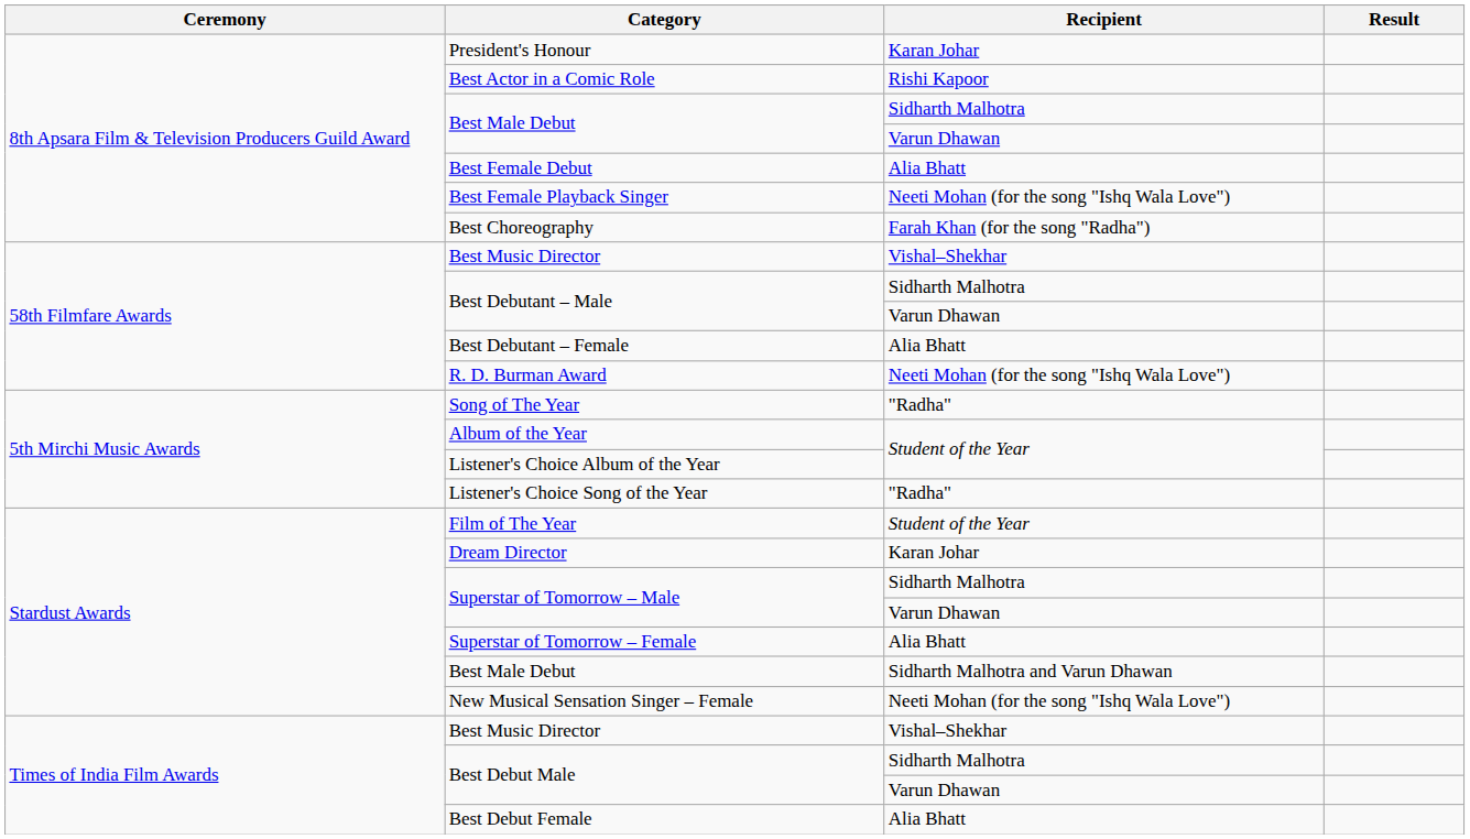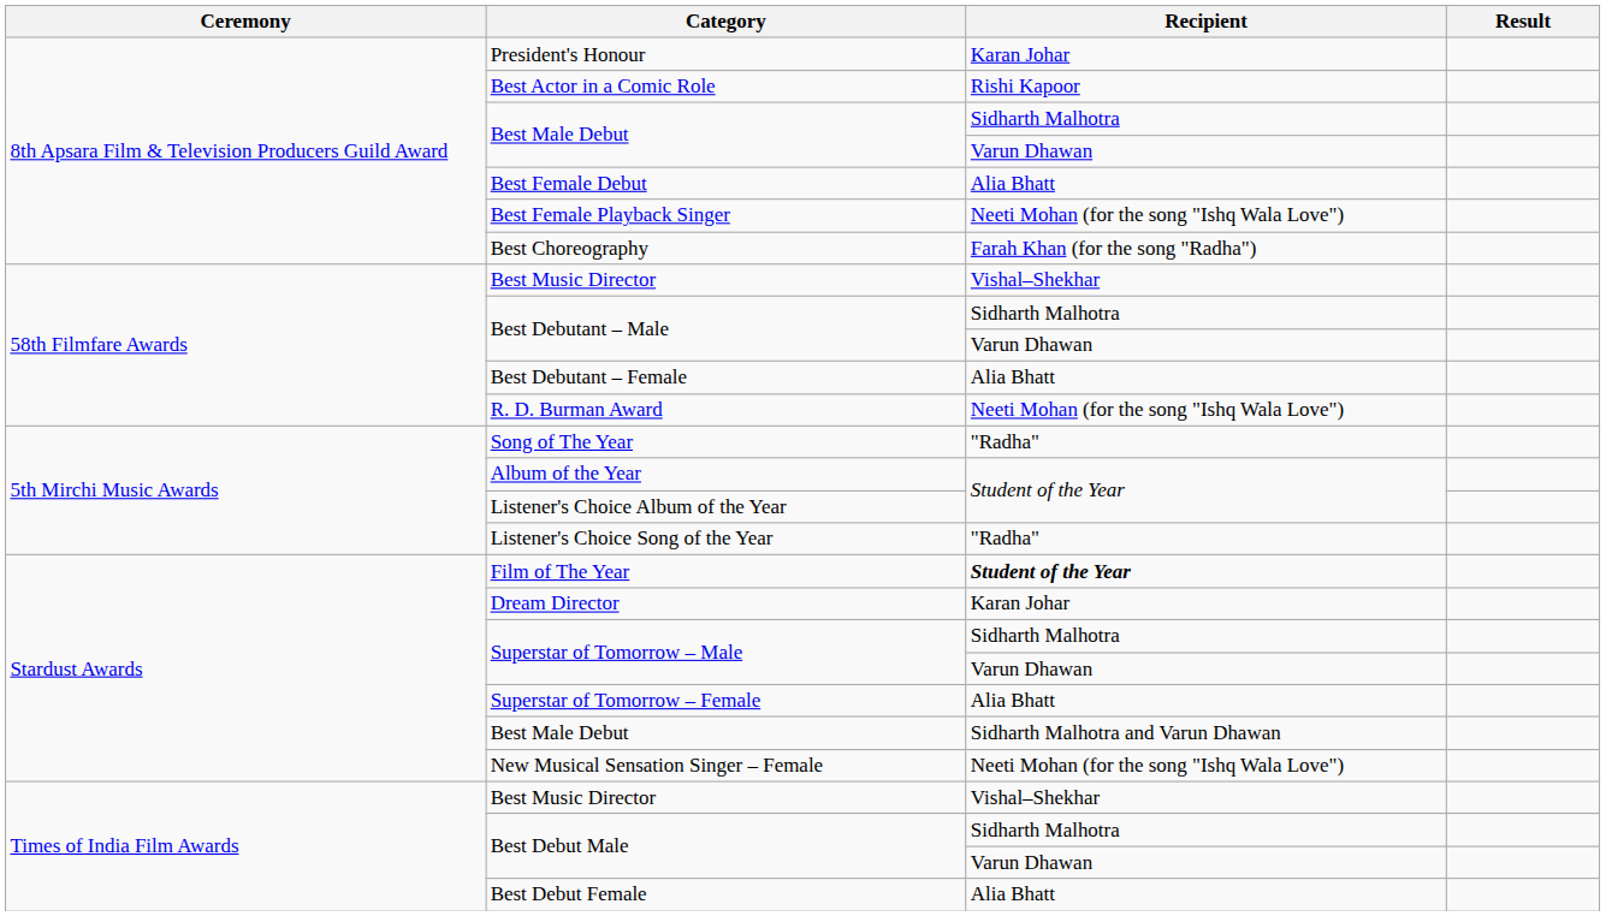 <table class="wikitable " style="width:99%;"  >
 <tr>
 <th style="width:25%;" scope="col">Ceremony</th>
 <th style="width:25%;" scope="col">Category</th>
 <th style="width:25%;" scope="col">Recipient</th>
 <th style="width:8%;" scope="col">Result</th>
 </tr>
 <tr>
 <td rowspan="7"><a href='#'>8th Apsara Film & Television Producers Guild Award</a></td>
 <td>President's Honour</td>
 <td><a href='#'>Karan Johar</a></td>
 <td></td>
 </tr>
 <tr>
 <td><a href='#'>Best Actor in a Comic Role</a></td>
 <td><a href='#'>Rishi Kapoor</a></td>
 <td></td>
 </tr>
 <tr>
 <td rowspan="2"><a href='#'>Best Male Debut</a></td>
 <td><a href='#'>Sidharth Malhotra</a></td>
 <td></td>
 </tr>
 <tr>
 <td><a href='#'>Varun Dhawan</a></td>
 <td></td>
 </tr>
 <tr>
 <td><a href='#'>Best Female Debut</a></td>
 <td><a href='#'>Alia Bhatt</a></td>
 <td></td>
 </tr>
 <tr>
 <td><a href='#'>Best Female Playback Singer</a></td>
 <td><a href='#'>Neeti Mohan</a> (for the song "Ishq Wala Love")</td>
 <td></td>
 </tr>
 <tr>
 <td>Best Choreography</td>
 <td><a href='#'>Farah Khan</a> (for the song "Radha")</td>
 <td></td>
 </tr>
 <tr>
 <td rowspan="5"><a href='#'>58th Filmfare Awards</a></td>
 <td><a href='#'>Best Music Director</a></td>
 <td><a href='#'>Vishal–Shekhar</a></td>
 <td></td>
 </tr>
 <tr>
 <td rowspan="2">Best Debutant – Male</td>
 <td>Sidharth Malhotra</td>
 <td></td>
 </tr>
 <tr>
 <td>Varun Dhawan</td>
 <td></td>
 </tr>
 <tr>
 <td>Best Debutant – Female</td>
 <td>Alia Bhatt</td>
 <td></td>
 </tr>
 <tr>
 <td><a href='#'>R. D. Burman Award</a></td>
 <td><a href='#'>Neeti Mohan</a> (for the song "Ishq Wala Love")</td>
 <td></td>
 </tr>
 <tr>
 <td rowspan="4"><a href='#'>5th Mirchi Music Awards</a></td>
 <td><a href='#'>Song of The Year</a></td>
 <td>"Radha"</td>
 <td></td>
 </tr>
 <tr>
 <td><a href='#'>Album of the Year</a></td>
 <td rowspan="2"><em>Student of the Year</em></td>
 <td></td>
 </tr>
 <tr>
 <td>Listener's Choice Album of the Year</td>
 <td></td>
 </tr>
 <tr>
 <td>Listener's Choice Song of the Year</td>
 <td>"Radha"</td>
 <td></td>
 </tr>
 <tr>
 <td rowspan="7"><a href='#'>Stardust Awards</a></td>
 <td><a href='#'>Film of The Year</a></td>
-<td><em>Student of the Year</em></td>
+<td><strong><em>Student of the Year</em></strong></td>
 <td></td>
 </tr>
 <tr>
 <td><a href='#'>Dream Director</a></td>
 <td>Karan Johar</td>
 <td></td>
 </tr>
 <tr>
 <td rowspan="2"><a href='#'>Superstar of Tomorrow – Male</a></td>
 <td>Sidharth Malhotra</td>
 <td></td>
 </tr>
 <tr>
 <td>Varun Dhawan</td>
 <td></td>
 </tr>
 <tr>
 <td><a href='#'>Superstar of Tomorrow – Female</a></td>
 <td>Alia Bhatt</td>
 <td></td>
 </tr>
 <tr>
 <td>Best Male Debut</td>
 <td>Sidharth Malhotra and Varun Dhawan</td>
 <td></td>
 </tr>
 <tr>
 <td>New Musical Sensation Singer – Female</td>
 <td>Neeti Mohan (for the song "Ishq Wala Love")</td>
 <td></td>
 </tr>
 <tr>
 <td rowspan="4"><a href='#'>Times of India Film Awards</a></td>
 <td>Best Music Director</td>
 <td>Vishal–Shekhar</td>
 <td></td>
 </tr>
 <tr>
 <td rowspan="2">Best Debut Male</td>
 <td>Sidharth Malhotra</td>
 <td></td>
 </tr>
 <tr>
 <td>Varun Dhawan</td>
 <td></td>
 </tr>
 <tr>
 <td>Best Debut Female</td>
 <td>Alia Bhatt</td>
 <td></td>
 </tr>
 </table>
